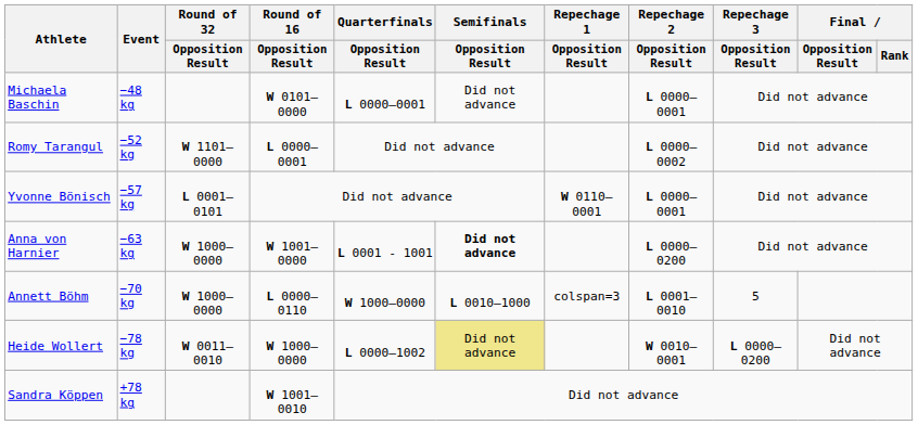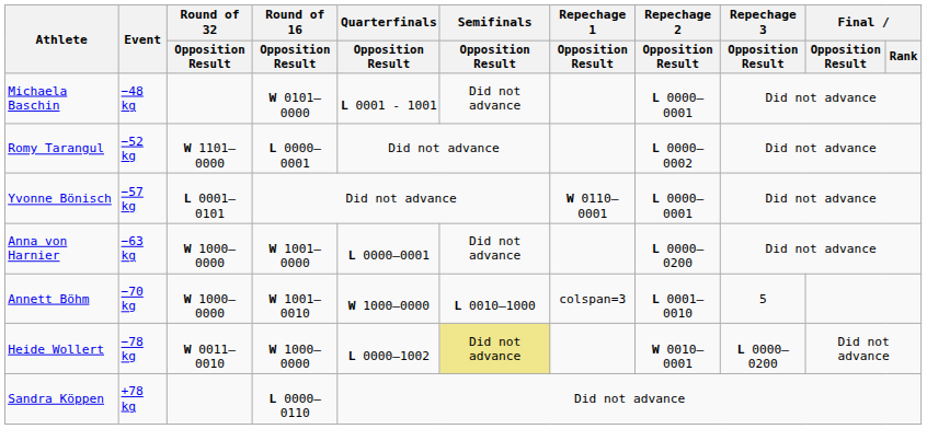 <table class="wikitable" style="font-size:90%">
 <tr>
 <th rowspan="2">Athlete</th>
 <th rowspan="2">Event</th>
 <th>Round of 32</th>
 <th>Round of 16</th>
 <th>Quarterfinals</th>
 <th>Semifinals</th>
 <th>Repechage 1</th>
 <th>Repechage 2</th>
 <th>Repechage 3</th>
 <th colspan=2>Final / </th>
 </tr>
 <tr style="font-size:95%">
 <th>Opposition<br>Result</th>
 <th>Opposition<br>Result</th>
 <th>Opposition<br>Result</th>
 <th>Opposition<br>Result</th>
 <th>Opposition<br>Result</th>
 <th>Opposition<br>Result</th>
 <th>Opposition<br>Result</th>
 <th>Opposition<br>Result</th>
 <th>Rank</th>
 </tr>
 <tr align=center>
 <td align=left><a href='#'>Michaela Baschin</a></td>
 <td align=left><a href='#'>−48 kg</a></td>
 <td></td>
 <td><br><strong>W</strong> 0101–0000</td>
-<td><br><strong>L</strong> 0000–0001</td>
+<td> <br> <strong>L</strong> 0001 - 1001</td>
 <td>Did not advance</td>
 <td></td>
 <td><br><strong>L</strong> 0000–0001</td>
 <td colspan=3>Did not advance</td>
 </tr>
 <tr align=center>
 <td align=left><a href='#'>Romy Tarangul</a></td>
 <td align=left><a href='#'>−52 kg</a></td>
 <td><br><strong>W</strong> 1101–0000</td>
 <td><br><strong>L</strong> 0000–0001</td>
 <td colspan=2>Did not advance</td>
 <td></td>
 <td><br><strong>L</strong> 0000–0002</td>
 <td colspan=3>Did not advance</td>
 </tr>
 <tr align=center>
 <td align=left><a href='#'>Yvonne Bönisch</a></td>
 <td align=left><a href='#'>−57 kg</a></td>
 <td><br><strong>L</strong> 0001–0101</td>
 <td colspan=3>Did not advance</td>
 <td><br><strong>W</strong> 0110–0001</td>
 <td><br><strong>L</strong> 0000–0001</td>
 <td colspan=3>Did not advance</td>
 </tr>
 <tr align=center>
 <td align=left><a href='#'>Anna von Harnier</a></td>
 <td align=left><a href='#'>−63 kg</a></td>
 <td><br><strong>W</strong> 1000–0000</td>
 <td><br><strong>W</strong> 1001–0000</td>
-<td> <br> <strong>L</strong> 0001 - 1001</td>
-<td><strong>Did not advance</strong></td>
+<td><br><strong>L</strong> 0000–0001</td>
+<td>Did not advance</td>
 <td></td>
 <td> <br> <strong>L</strong> 0000–0200</td>
 <td colspan=3>Did not advance</td>
 </tr>
 <tr align=center>
 <td align=left><a href='#'>Annett Böhm</a></td>
 <td align=left><a href='#'>−70 kg</a></td>
 <td><br><strong>W</strong> 1000–0000</td>
-<td><br><strong>L</strong> 0000–0110</td>
+<td><br><strong>W</strong> 1001–0010</td>
 <td><br><strong>W</strong> 1000–0000</td>
 <td><br><strong>L</strong> 0010–1000</td>
 <td>colspan=3 </td>
 <td><br><strong>L</strong> 0001–0010</td>
 <td>5</td>
 </tr>
 <tr align=center>
 <td align=left><a href='#'>Heide Wollert</a></td>
 <td align=left><a href='#'>−78 kg</a></td>
 <td><br><strong>W</strong> 0011–0010</td>
 <td><br><strong>W</strong> 1000–0000</td>
 <td><br><strong>L</strong> 0000–1002</td>
 <td style="background: khaki;">Did not advance</td>
 <td></td>
 <td><br><strong>W</strong> 0010–0001</td>
 <td><br><strong>L</strong> 0000–0200</td>
 <td colspan=2>Did not advance</td>
 </tr>
 <tr align=center>
 <td align=left><a href='#'>Sandra Köppen</a></td>
 <td align=left><a href='#'>+78 kg</a></td>
 <td></td>
-<td><br><strong>W</strong> 1001–0010</td>
+<td><br><strong>L</strong> 0000–0110</td>
 <td colspan=7>Did not advance</td>
 </tr>
 </table>
